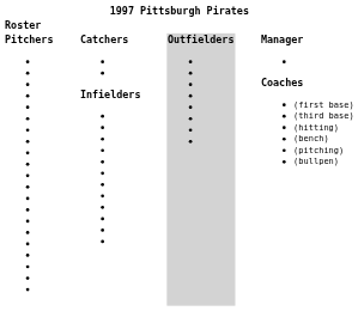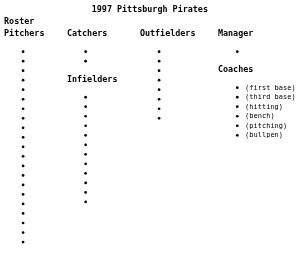 <table class="toccolours" style="font-size: 95%;">
 <tr>
 <th colspan="10">1997 Pittsburgh Pirates</th>
 </tr>
 <tr>
 <td colspan="10"><strong>Roster</strong></td>
 </tr>
 <tr>
 <td valign="top"><strong>Pitchers</strong><br><ul><li></li><li></li><li></li><li></li><li></li><li></li><li></li><li></li><li></li><li></li><li></li><li></li><li></li><li></li><li></li><li></li><li></li><li></li><li></li><li></li><li></li></ul></td>
 <td width="25px"></td>
 <td valign="top"><strong>Catchers</strong><br><ul><li></li><li></li></ul><strong>Infielders</strong><ul><li></li><li></li><li></li><li></li><li></li><li></li><li></li><li></li><li></li><li></li><li></li><li></li></ul></td>
 <td width="25px"></td>
-<td valign="top" style="background: lightgrey;"><strong>Outfielders</strong><br><ul><li></li><li></li><li></li><li></li><li></li><li></li><li></li><li></li></ul></td>
+<td valign="top"><strong>Outfielders</strong><br><ul><li></li><li></li><li></li><li></li><li></li><li></li><li></li><li></li></ul></td>
 <td width="25px"></td>
 <td valign="top"><strong>Manager</strong><br><ul><li></li></ul><strong>Coaches</strong><ul><li> <small>(first base)</small></li><li> <small>(third base)</small></li><li> <small>(hitting)</small></li><li> <small>(bench)</small></li><li> <small>(pitching)</small></li><li> <small>(bullpen)</small></li></ul></td>
 </tr>
 </table>
